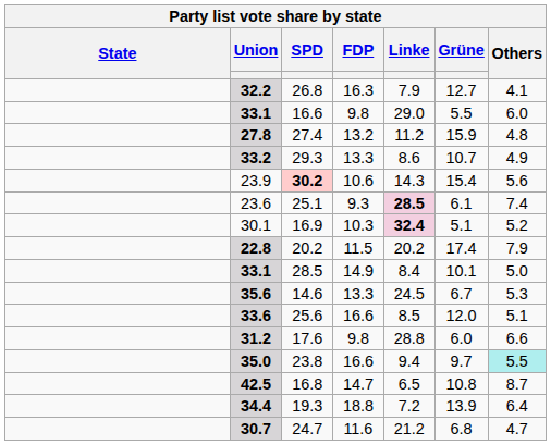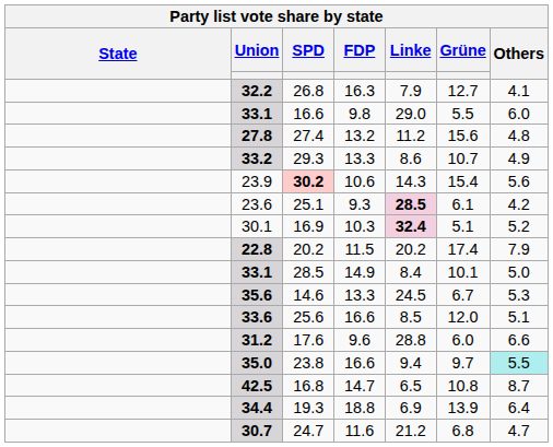 <table class="wikitable sortable" style="text-align:center;font-size:90%;line-height:14px">
 <tr>
 <th colspan=8>Party list vote share by state</th>
 </tr>
 <tr style="height:40px;">
 <th class="wikitable sortable" style="width:200px;" rowspan="2"><a href='#'>State</a></th>
 <th class="wikitable sortable" style="width:40px;"><a href='#'>Union</a></th>
 <th class="wikitable sortable" style="width:40px;"><a href='#'>SPD</a></th>
 <th class="wikitable sortable" style="width:40px;"><a href='#'>FDP</a></th>
 <th class="wikitable sortable" style="width:40px;"><a href='#'>Linke</a></th>
 <th class="wikitable sortable" style="width:40px;"><a href='#'>Grüne</a></th>
 <th class="wikitable sortable" style="width:40px;" rowspan="2">Others</th>
 </tr>
 <tr>
 <th class="wikitable sortable" style="background:"></th>
 <th class="wikitable sortable" style="background:"></th>
 <th class="wikitable sortable" style="background:"></th>
 <th class="wikitable sortable" style="background:"></th>
 <th class="wikitable sortable" style="background:"></th>
 </tr>
 <tr>
 <td align="left"></td>
 <td style="background:#D7D5D7;"><strong>32.2</strong></td>
 <td>26.8</td>
 <td>16.3</td>
 <td>7.9</td>
 <td>12.7</td>
 <td>4.1</td>
 </tr>
 <tr>
 <td align="left"></td>
 <td style="background:#D7D5D7;"><strong>33.1</strong></td>
 <td>16.6</td>
 <td>9.8</td>
 <td>29.0</td>
 <td>5.5</td>
 <td>6.0</td>
 </tr>
 <tr>
 <td align="left"></td>
 <td style="background:#D7D5D7;"><strong>27.8</strong></td>
 <td>27.4</td>
 <td>13.2</td>
 <td>11.2</td>
-<td>15.9</td>
+<td>15.6</td>
 <td>4.8</td>
 </tr>
 <tr>
 <td align="left"></td>
 <td style="background:#D7D5D7;"><strong>33.2</strong></td>
 <td>29.3</td>
 <td>13.3</td>
 <td>8.6</td>
 <td>10.7</td>
 <td>4.9</td>
 </tr>
 <tr>
 <td align="left"></td>
 <td>23.9</td>
 <td style="background:#FFCCCC"><strong>30.2</strong></td>
 <td>10.6</td>
 <td>14.3</td>
 <td>15.4</td>
 <td>5.6</td>
 </tr>
 <tr>
 <td align="left"></td>
 <td>23.6</td>
 <td>25.1</td>
 <td>9.3</td>
 <td style="background:#F3CFE0;"><strong>28.5</strong></td>
 <td>6.1</td>
-<td>7.4</td>
+<td>4.2</td>
 </tr>
 <tr>
 <td align="left"></td>
 <td>30.1</td>
 <td>16.9</td>
 <td>10.3</td>
 <td style="background:#F3CFE0;"><strong>32.4</strong></td>
 <td>5.1</td>
 <td>5.2</td>
 </tr>
 <tr>
 <td align="left"></td>
 <td style="background:#D7D5D7;"><strong>22.8</strong></td>
 <td>20.2</td>
 <td>11.5</td>
 <td>20.2</td>
 <td>17.4</td>
 <td>7.9</td>
 </tr>
 <tr>
 <td align="left"></td>
 <td style="background:#D7D5D7;"><strong>33.1</strong></td>
 <td>28.5</td>
 <td>14.9</td>
 <td>8.4</td>
 <td>10.1</td>
 <td>5.0</td>
 </tr>
 <tr>
 <td align="left"></td>
 <td style="background:#D7D5D7;"><strong>35.6</strong></td>
 <td>14.6</td>
 <td>13.3</td>
 <td>24.5</td>
 <td>6.7</td>
 <td>5.3</td>
 </tr>
 <tr>
 <td align="left"></td>
 <td style="background:#D7D5D7;"><strong>33.6</strong></td>
 <td>25.6</td>
 <td>16.6</td>
 <td>8.5</td>
 <td>12.0</td>
 <td>5.1</td>
 </tr>
 <tr>
 <td align="left"></td>
 <td style="background:#D7D5D7;"><strong>31.2</strong></td>
 <td>17.6</td>
-<td>9.8</td>
+<td>9.6</td>
 <td>28.8</td>
 <td>6.0</td>
 <td>6.6</td>
 </tr>
 <tr>
 <td align="left"></td>
 <td style="background:#D7D5D7;"><strong>35.0</strong></td>
 <td>23.8</td>
 <td>16.6</td>
 <td>9.4</td>
 <td>9.7</td>
 <td style="background: paleturquoise;">5.5</td>
 </tr>
 <tr>
 <td align="left"></td>
 <td style="background:#D7D5D7;"><strong>42.5</strong></td>
 <td>16.8</td>
 <td>14.7</td>
 <td>6.5</td>
 <td>10.8</td>
 <td>8.7</td>
 </tr>
 <tr>
 <td align="left"></td>
 <td style="background:#D7D5D7;"><strong>34.4</strong></td>
 <td>19.3</td>
 <td>18.8</td>
-<td>7.2</td>
+<td>6.9</td>
 <td>13.9</td>
 <td>6.4</td>
 </tr>
 <tr>
 <td align="left"></td>
 <td style="background:#D7D5D7;"><strong>30.7</strong></td>
 <td>24.7</td>
 <td>11.6</td>
 <td>21.2</td>
 <td>6.8</td>
 <td>4.7</td>
 </tr>
 </table>
